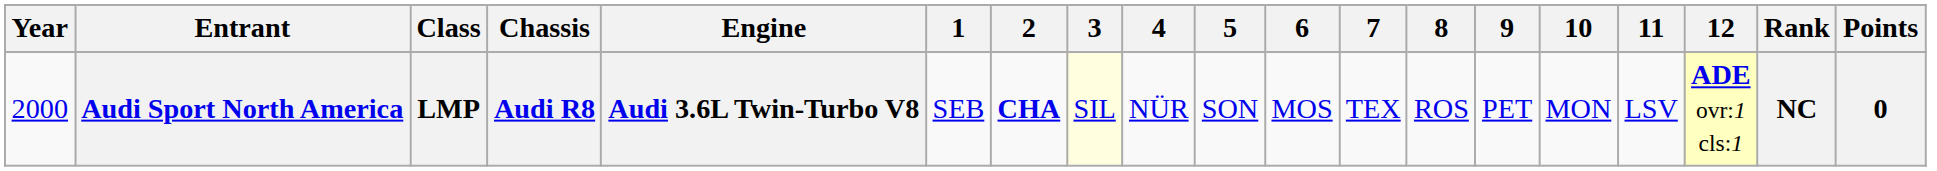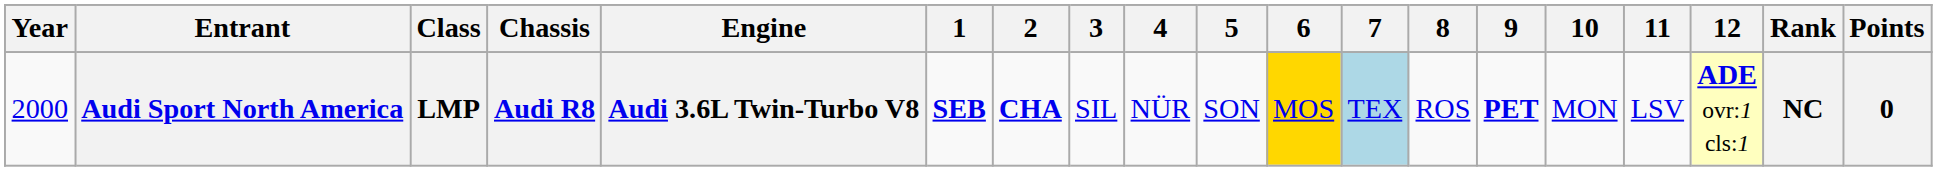 <table class="wikitable" style="text-align:center; font-size:90%">
 <tr>
 <th>Year</th>
 <th>Entrant</th>
 <th>Class</th>
 <th>Chassis</th>
 <th>Engine</th>
 <th>1</th>
 <th>2</th>
 <th>3</th>
 <th>4</th>
 <th>5</th>
 <th>6</th>
 <th>7</th>
 <th>8</th>
 <th>9</th>
 <th>10</th>
 <th>11</th>
 <th>12</th>
 <th>Rank</th>
 <th>Points</th>
 </tr>
 <tr>
 <td rowspan=2><a href='#'>2000</a></td>
 <th rowspan=2> <a href='#'>Audi Sport North America</a></th>
 <th rowspan=2>LMP</th>
 <th><a href='#'>Audi R8</a></th>
 <th rowspan=2><a href='#'>Audi</a> 3.6L Twin-Turbo V8</th>
-<td><a href='#'>SEB</a></td>
+<td><strong><a href='#'>SEB</a></strong></td>
 <td><strong><a href='#'>CHA</a></strong></td>
-<td style="background: lightyellow;"><a href='#'>SIL</a></td>
+<td><a href='#'>SIL</a></td>
 <td><a href='#'>NÜR</a></td>
 <td><a href='#'>SON</a></td>
-<td><a href='#'>MOS</a></td>
-<td><a href='#'>TEX</a></td>
+<td style="background: gold;"><a href='#'>MOS</a></td>
+<td style="background: lightblue;"><a href='#'>TEX</a></td>
 <td><a href='#'>ROS</a></td>
-<td><a href='#'>PET</a></td>
+<td><strong><a href='#'>PET</a></strong></td>
 <td><a href='#'>MON</a></td>
 <td><a href='#'>LSV</a></td>
 <td style="background:#ffffbf;"><strong><a href='#'>ADE</a></strong><br><small>ovr:<em>1</em><br>cls:<em>1</em></small></td>
 <th>NC</th>
 <th>0</th>
 </tr>
 </table>
